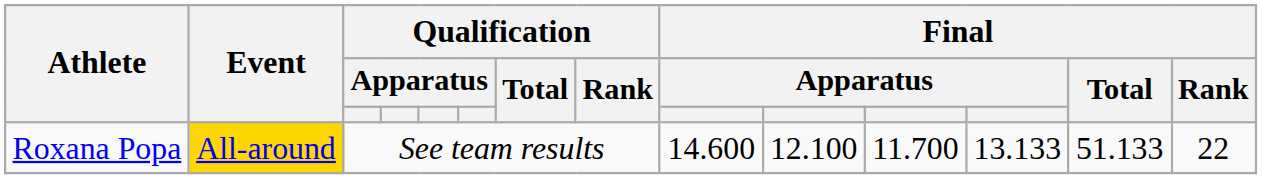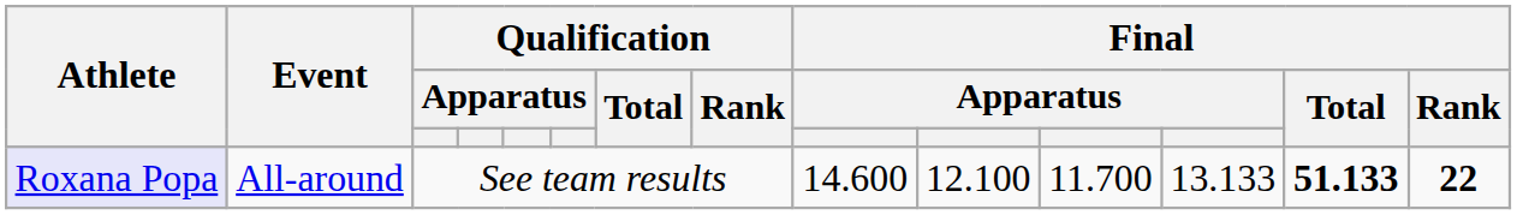 <table class="wikitable" style="font-size:90%">
 <tr>
 <th rowspan=3>Athlete</th>
 <th rowspan=3>Event</th>
 <th colspan=6>Qualification</th>
 <th colspan=6>Final</th>
 </tr>
 <tr style="font-size:95%">
 <th colspan=4>Apparatus</th>
 <th rowspan=2>Total</th>
 <th rowspan=2>Rank</th>
 <th colspan=4>Apparatus</th>
 <th rowspan=2>Total</th>
 <th rowspan=2>Rank</th>
 </tr>
 <tr style="font-size:95%">
 <th></th>
 <th></th>
 <th></th>
 <th></th>
 <th></th>
 <th></th>
 <th></th>
 <th></th>
 </tr>
 <tr align=center>
-<td align=left><a href='#'>Roxana Popa</a></td>
-<td align=left style="background: gold;"><a href='#'>All-around</a></td>
+<td align=left style="background: lavender;"><a href='#'>Roxana Popa</a></td>
+<td align=left><a href='#'>All-around</a></td>
 <td colspan=6><em>See team results</em></td>
 <td>14.600</td>
 <td>12.100</td>
 <td>11.700</td>
 <td>13.133</td>
-<td>51.133</td>
-<td>22</td>
+<td><strong>51.133</strong></td>
+<td><strong>22</strong></td>
 </tr>
 </table>
